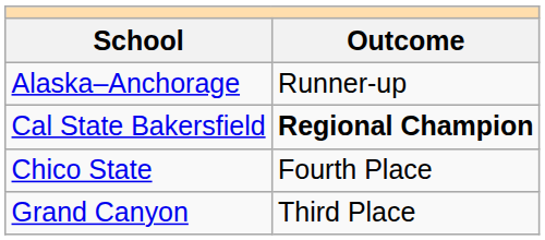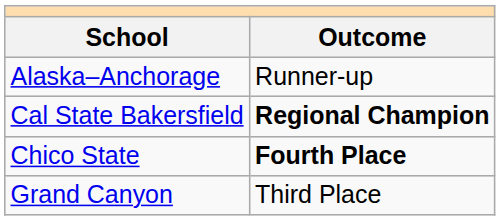 <table class="wikitable" style="float:left; margin-right:1em;">
 <tr>
 <th colspan="3" style="background:#ffdead;"></th>
 </tr>
 <tr>
 <th>School</th>
 <th>Outcome</th>
 </tr>
 <tr>
 <td><a href='#'>Alaska–Anchorage</a></td>
 <td>Runner-up</td>
 </tr>
 <tr>
 <td><a href='#'>Cal State Bakersfield</a></td>
 <td><strong>Regional Champion</strong></td>
 </tr>
 <tr>
 <td><a href='#'>Chico State</a></td>
-<td>Fourth Place</td>
+<td><strong>Fourth Place</strong></td>
 </tr>
 <tr>
 <td><a href='#'>Grand Canyon</a></td>
 <td>Third Place</td>
 </tr>
 </table>
